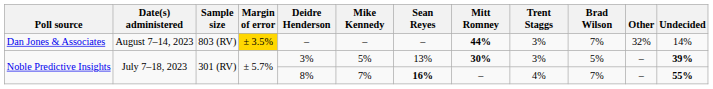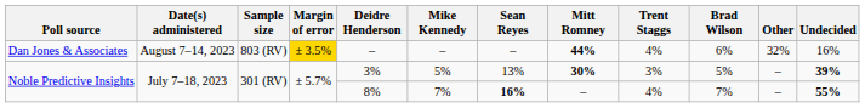 <table class="wikitable" style="font-size:90%;text-align:center;">
 <tr valign=bottom>
 <th>Poll source</th>
 <th>Date(s)<br>administered</th>
 <th>Sample<br>size</th>
 <th>Margin<br>of error</th>
 <th style="width:75px;">Deidre<br>Henderson</th>
 <th style="width:75px;">Mike<br>Kennedy</th>
 <th style="width:75px;">Sean<br>Reyes</th>
 <th style="width:75px;">Mitt<br>Romney</th>
 <th style="width:75px;">Trent<br>Staggs</th>
 <th style="width:75px;">Brad<br>Wilson</th>
 <th>Other</th>
 <th>Undecided</th>
 </tr>
 <tr>
 <td style="text-align:left"><a href='#'>Dan Jones & Associates</a></td>
 <td>August 7–14, 2023</td>
 <td>803 (RV)</td>
 <td style="background: gold;">± 3.5%</td>
 <td>–</td>
 <td>–</td>
 <td>–</td>
 <td><strong>44%</strong></td>
-<td>3%</td>
-<td>7%</td>
+<td>4%</td>
+<td>6%</td>
 <td>32%</td>
-<td>14%</td>
+<td>16%</td>
 </tr>
 <tr>
 <td rowspan=2 style="text-align:left"><a href='#'>Noble Predictive Insights</a></td>
 <td rowspan=2>July 7–18, 2023</td>
 <td rowspan=2>301 (RV)</td>
 <td rowspan=2>± 5.7%</td>
 <td>3%</td>
 <td>5%</td>
 <td>13%</td>
 <td><strong>30%</strong></td>
 <td>3%</td>
 <td>5%</td>
 <td>–</td>
 <td><strong>39%</strong></td>
 </tr>
 <tr>
 <td>8%</td>
 <td>7%</td>
 <td><strong>16%</strong></td>
 <td>–</td>
 <td>4%</td>
 <td>7%</td>
 <td>–</td>
 <td><strong>55%</strong></td>
 </tr>
 </table>
